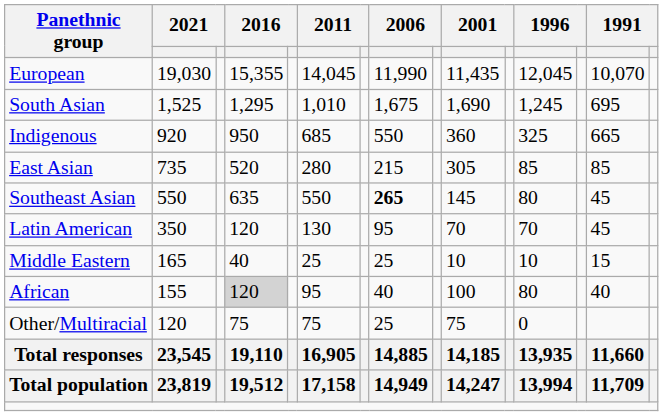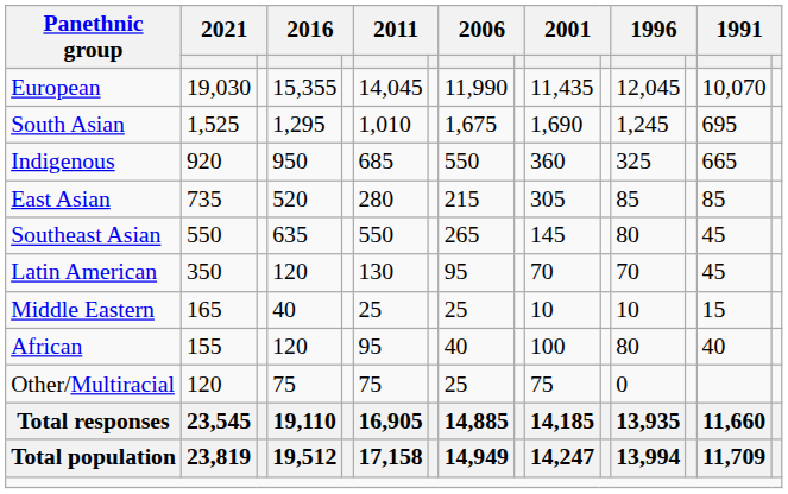 <table class="wikitable collapsible sortable">
 <tr>
 <th rowspan="2"><a href='#'>Panethnic</a><br>group</th>
 <th colspan="2">2021</th>
 <th colspan="2">2016</th>
 <th colspan="2">2011</th>
 <th colspan="2">2006</th>
 <th colspan="2">2001</th>
 <th colspan="2">1996</th>
 <th colspan="2">1991</th>
 </tr>
 <tr>
 <th><a href='#'></a></th>
 <th></th>
 <th></th>
 <th></th>
 <th></th>
 <th></th>
 <th></th>
 <th></th>
 <th></th>
 <th></th>
 <th></th>
 <th></th>
 <th></th>
 <th></th>
 </tr>
 <tr>
 <td><a href='#'>European</a></td>
 <td>19,030</td>
 <td></td>
 <td>15,355</td>
 <td></td>
 <td>14,045</td>
 <td></td>
 <td>11,990</td>
 <td></td>
 <td>11,435</td>
 <td></td>
 <td>12,045</td>
 <td></td>
 <td>10,070</td>
 <td></td>
 </tr>
 <tr>
 <td><a href='#'>South Asian</a></td>
 <td>1,525</td>
 <td></td>
 <td>1,295</td>
 <td></td>
 <td>1,010</td>
 <td></td>
 <td>1,675</td>
 <td></td>
 <td>1,690</td>
 <td></td>
 <td>1,245</td>
 <td></td>
 <td>695</td>
 <td></td>
 </tr>
 <tr>
 <td><a href='#'>Indigenous</a></td>
 <td>920</td>
 <td></td>
 <td>950</td>
 <td></td>
 <td>685</td>
 <td></td>
 <td>550</td>
 <td></td>
 <td>360</td>
 <td></td>
 <td>325</td>
 <td></td>
 <td>665</td>
 <td></td>
 </tr>
 <tr>
 <td><a href='#'>East Asian</a></td>
 <td>735</td>
 <td></td>
 <td>520</td>
 <td></td>
 <td>280</td>
 <td></td>
 <td>215</td>
 <td></td>
 <td>305</td>
 <td></td>
 <td>85</td>
 <td></td>
 <td>85</td>
 <td></td>
 </tr>
 <tr>
 <td><a href='#'>Southeast Asian</a></td>
 <td>550</td>
 <td></td>
 <td>635</td>
 <td></td>
 <td>550</td>
 <td></td>
-<td><strong>265</strong></td>
+<td>265</td>
 <td></td>
 <td>145</td>
 <td></td>
 <td>80</td>
 <td></td>
 <td>45</td>
 <td></td>
 </tr>
 <tr>
 <td><a href='#'>Latin American</a></td>
 <td>350</td>
 <td></td>
 <td>120</td>
 <td></td>
 <td>130</td>
 <td></td>
 <td>95</td>
 <td></td>
 <td>70</td>
 <td></td>
 <td>70</td>
 <td></td>
 <td>45</td>
 <td></td>
 </tr>
 <tr>
 <td><a href='#'>Middle Eastern</a></td>
 <td>165</td>
 <td></td>
 <td>40</td>
 <td></td>
 <td>25</td>
 <td></td>
 <td>25</td>
 <td></td>
 <td>10</td>
 <td></td>
 <td>10</td>
 <td></td>
 <td>15</td>
 <td></td>
 </tr>
 <tr>
 <td><a href='#'>African</a></td>
 <td>155</td>
 <td></td>
-<td style="background: lightgrey;">120</td>
+<td>120</td>
 <td></td>
 <td>95</td>
 <td></td>
 <td>40</td>
 <td></td>
 <td>100</td>
 <td></td>
 <td>80</td>
 <td></td>
 <td>40</td>
 <td></td>
 </tr>
 <tr>
 <td>Other/<a href='#'>Multiracial</a></td>
 <td>120</td>
 <td></td>
 <td>75</td>
 <td></td>
 <td>75</td>
 <td></td>
 <td>25</td>
 <td></td>
 <td>75</td>
 <td></td>
 <td>0</td>
 <td></td>
 <td></td>
 <td></td>
 </tr>
 <tr>
 <th>Total responses</th>
 <th>23,545</th>
 <th></th>
 <th>19,110</th>
 <th></th>
 <th>16,905</th>
 <th></th>
 <th>14,885</th>
 <th></th>
 <th>14,185</th>
 <th></th>
 <th>13,935</th>
 <th></th>
 <th>11,660</th>
 <th></th>
 </tr>
 <tr>
 <th>Total population</th>
 <th>23,819</th>
 <th></th>
 <th>19,512</th>
 <th></th>
 <th>17,158</th>
 <th></th>
 <th>14,949</th>
 <th></th>
 <th>14,247</th>
 <th></th>
 <th>13,994</th>
 <th></th>
 <th>11,709</th>
 <th></th>
 </tr>
 <tr class="sortbottom">
 <td colspan="15"></td>
 </tr>
 </table>
